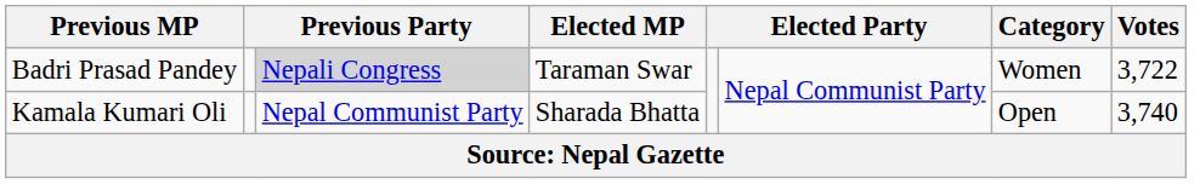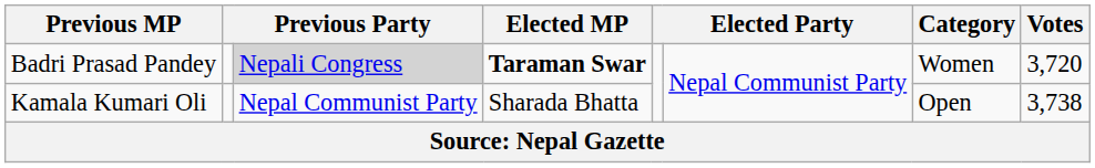 <table class="wikitable">
 <tr>
 <th>Previous MP</th>
 <th colspan="2">Previous Party</th>
 <th>Elected MP</th>
 <th colspan="2">Elected Party</th>
 <th>Category</th>
 <th>Votes</th>
 </tr>
 <tr>
 <td>Badri Prasad Pandey</td>
 <td></td>
 <td style="background: lightgrey;"><a href='#'>Nepali Congress</a></td>
-<td>Taraman Swar</td>
+<td><strong>Taraman Swar</strong></td>
 <td rowspan="2"></td>
 <td rowspan="2"><a href='#'>Nepal Communist Party</a></td>
 <td>Women</td>
-<td>3,722</td>
+<td>3,720</td>
 </tr>
 <tr>
 <td>Kamala Kumari Oli</td>
 <td></td>
 <td><a href='#'>Nepal Communist Party</a></td>
 <td>Sharada Bhatta</td>
 <td>Open</td>
-<td>3,740</td>
+<td>3,738</td>
 </tr>
 <tr>
 <th colspan="8">Source: Nepal Gazette</th>
 </tr>
 </table>
